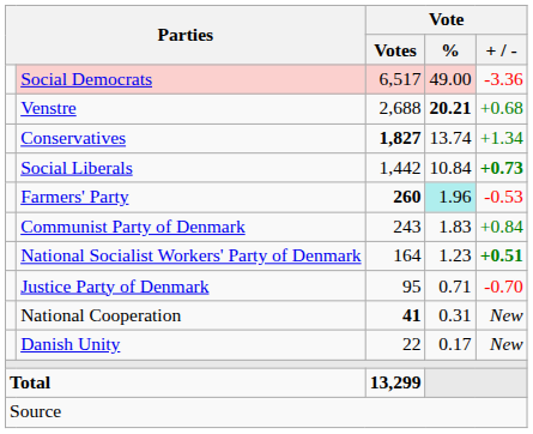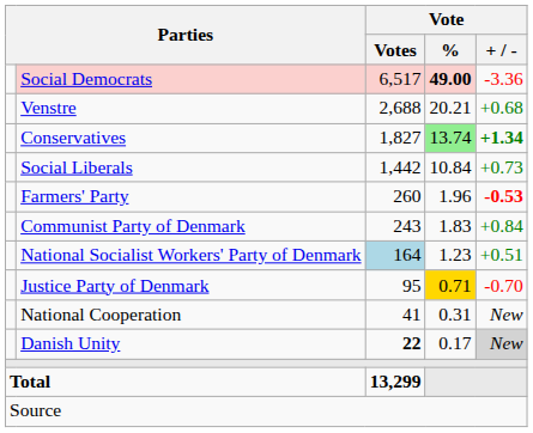 <table class="wikitable" style="text-align:right;">
 <tr>
 <th style="text-align:centre;" rowspan="2" colspan="2" width="225">Parties</th>
 <th colspan="3">Vote</th>
 </tr>
 <tr>
 <th width="15">Votes</th>
 <th width="15">%</th>
 <th width="15">+ / -</th>
 </tr>
 <tr>
 <td width="2" style="color:inherit;background:"></td>
 <td bgcolor=#fbd0ce  align="left"><a href='#'>Social Democrats</a></td>
 <td bgcolor=#fbd0ce>6,517</td>
-<td bgcolor=#fbd0ce>49.00</td>
+<td bgcolor=#fbd0ce><strong>49.00</strong></td>
 <td style=color:red;>-3.36</td>
 </tr>
 <tr>
 <td width="2" style="color:inherit;background:"></td>
 <td align="left"><a href='#'>Venstre</a></td>
 <td>2,688</td>
-<td><strong>20.21</strong></td>
+<td>20.21</td>
 <td style=color:green;>+0.68</td>
 </tr>
 <tr>
 <td width="2" style="color:inherit;background:"></td>
 <td align="left"><a href='#'>Conservatives</a></td>
-<td><strong>1,827</strong></td>
-<td>13.74</td>
-<td style=color:green;>+1.34</td>
+<td>1,827</td>
+<td style="background: lightgreen;">13.74</td>
+<td style=color:green;><strong>+1.34</strong></td>
 </tr>
 <tr>
 <td width="2" style="color:inherit;background:"></td>
 <td align="left"><a href='#'>Social Liberals</a></td>
 <td>1,442</td>
 <td>10.84</td>
-<td style=color:green;><strong>+0.73</strong></td>
+<td style=color:green;>+0.73</td>
 </tr>
 <tr>
 <td width="2" style="color:inherit;background:"></td>
 <td align="left"><a href='#'>Farmers' Party</a></td>
-<td><strong>260</strong></td>
-<td style="background: paleturquoise;">1.96</td>
-<td style=color:red;>-0.53</td>
+<td>260</td>
+<td>1.96</td>
+<td style=color:red;><strong>-0.53</strong></td>
 </tr>
 <tr>
 <td width="2" style="color:inherit;background:"></td>
 <td align="left"><a href='#'>Communist Party of Denmark</a></td>
 <td>243</td>
 <td>1.83</td>
 <td style=color:green;>+0.84</td>
 </tr>
 <tr>
 <td width="2" style="color:inherit;background:"></td>
 <td align="left"><a href='#'>National Socialist Workers' Party of Denmark</a></td>
-<td>164</td>
+<td style="background: lightblue;">164</td>
 <td>1.23</td>
-<td style=color:green;><strong>+0.51</strong></td>
+<td style=color:green;>+0.51</td>
 </tr>
 <tr>
 <td width="2" style="color:inherit;background:"></td>
 <td align="left"><a href='#'>Justice Party of Denmark</a></td>
 <td>95</td>
-<td>0.71</td>
+<td style="background: gold;">0.71</td>
 <td style=color:red;>-0.70</td>
 </tr>
 <tr>
 <td width="2" style="color:inherit;background:"></td>
 <td align="left">National Cooperation</td>
-<td><strong>41</strong></td>
+<td>41</td>
 <td>0.31</td>
 <td><em>New</em></td>
 </tr>
 <tr>
 <td width="2" style="color:inherit;background:"></td>
 <td align="left"><a href='#'>Danish Unity</a></td>
-<td>22</td>
+<td><strong>22</strong></td>
 <td>0.17</td>
-<td><em>New</em></td>
+<td style="background: lightgrey;"><em>New</em></td>
 </tr>
 <tr>
 <td colspan="7" bgcolor="#E9E9E9"></td>
 </tr>
 <tr>
 <td align="left" colspan="2"><strong>Total</strong></td>
 <td><strong>13,299</strong></td>
 <td bgcolor="#E9E9E9" colspan="2"></td>
 </tr>
 <tr>
 <td align="left" colspan="6">Source</td>
 </tr>
 </table>
